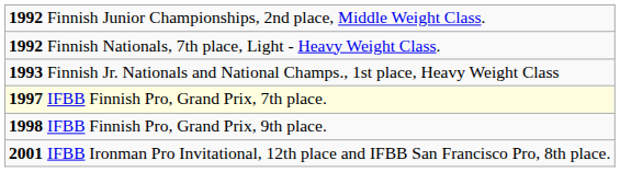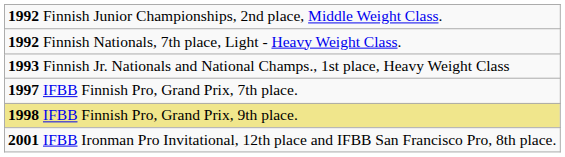 <table class="wikitable">
 <tr>
 <td><strong> 1992</strong> Finnish Junior Championships, 2nd place, <a href='#'>Middle Weight Class</a>.</td>
 </tr>
 <tr>
 <td><strong>1992</strong> Finnish Nationals, 7th place, Light - <a href='#'>Heavy Weight Class</a>.</td>
 </tr>
 <tr>
 <td><strong>1993</strong> Finnish Jr. Nationals and National Champs., 1st place, Heavy Weight Class</td>
 </tr>
 <tr>
-<td style="background: lightyellow;"><strong>1997</strong> <a href='#'>IFBB</a> Finnish Pro, Grand Prix, 7th place.</td>
+<td><strong>1997</strong> <a href='#'>IFBB</a> Finnish Pro, Grand Prix, 7th place.</td>
 </tr>
 <tr>
-<td><strong>1998</strong> <a href='#'>IFBB</a> Finnish Pro, Grand Prix, 9th place.</td>
+<td style="background: khaki;"><strong>1998</strong> <a href='#'>IFBB</a> Finnish Pro, Grand Prix, 9th place.</td>
 </tr>
 <tr>
 <td><strong>2001</strong> <a href='#'>IFBB</a> Ironman Pro Invitational, 12th place and IFBB San Francisco Pro, 8th place.</td>
 </tr>
 </table>
